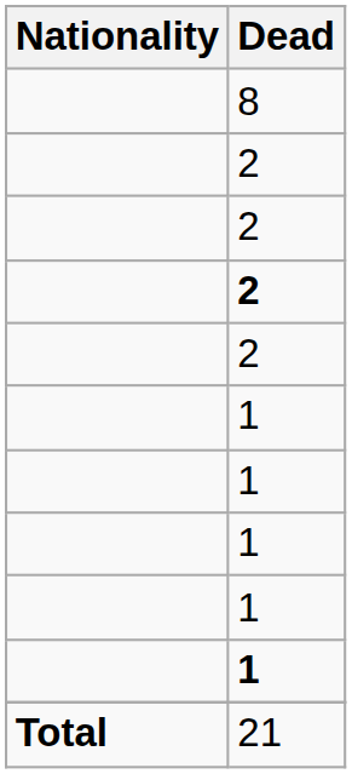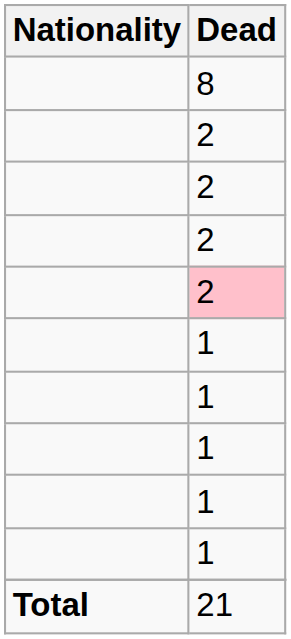 <table class="wikitable centre sortable">
 <tr>
 <th scope="col">Nationality</th>
 <th scope="col">Dead</th>
 </tr>
 <tr>
 <td></td>
 <td>8</td>
 </tr>
 <tr>
 <td></td>
 <td>2</td>
 </tr>
 <tr>
 <td></td>
 <td>2</td>
 </tr>
 <tr>
 <td></td>
-<td><strong>2</strong></td>
+<td>2</td>
 </tr>
 <tr>
 <td></td>
-<td>2</td>
+<td style="background: pink;">2</td>
 </tr>
 <tr>
 <td></td>
 <td>1</td>
 </tr>
 <tr>
 <td></td>
 <td>1</td>
 </tr>
 <tr>
 <td></td>
 <td>1</td>
 </tr>
 <tr>
 <td></td>
 <td>1</td>
 </tr>
 <tr>
 <td></td>
-<td><strong>1</strong></td>
+<td>1</td>
 </tr>
 <tr>
 </tr>
 <tr class="sortbottom">
 <td scope="row" style="text-align:left;"><strong>Total</strong></td>
 <td>21</td>
 </tr>
 </table>
